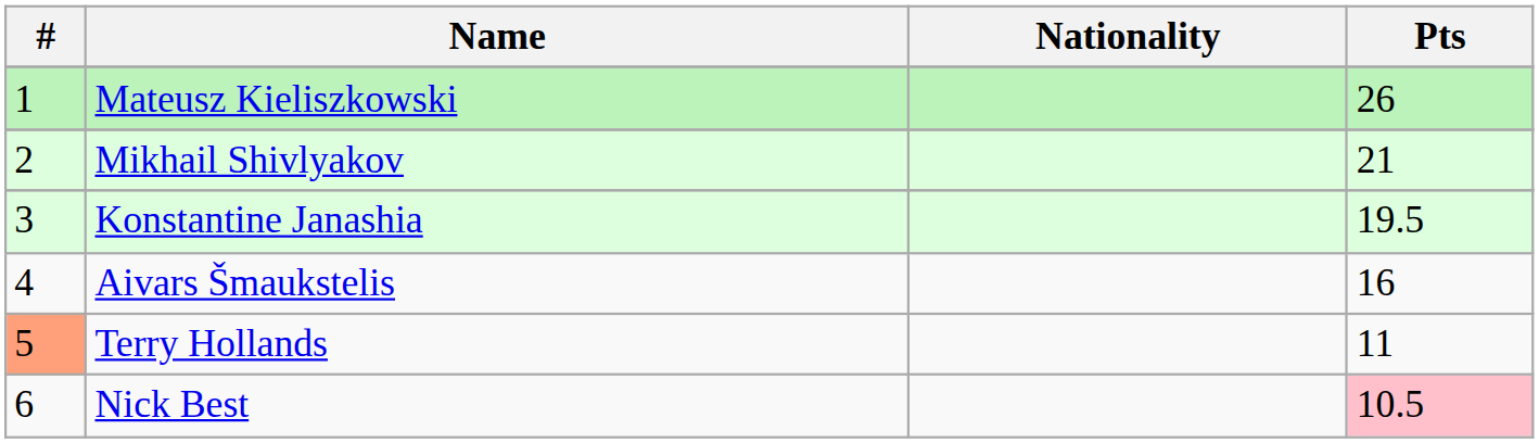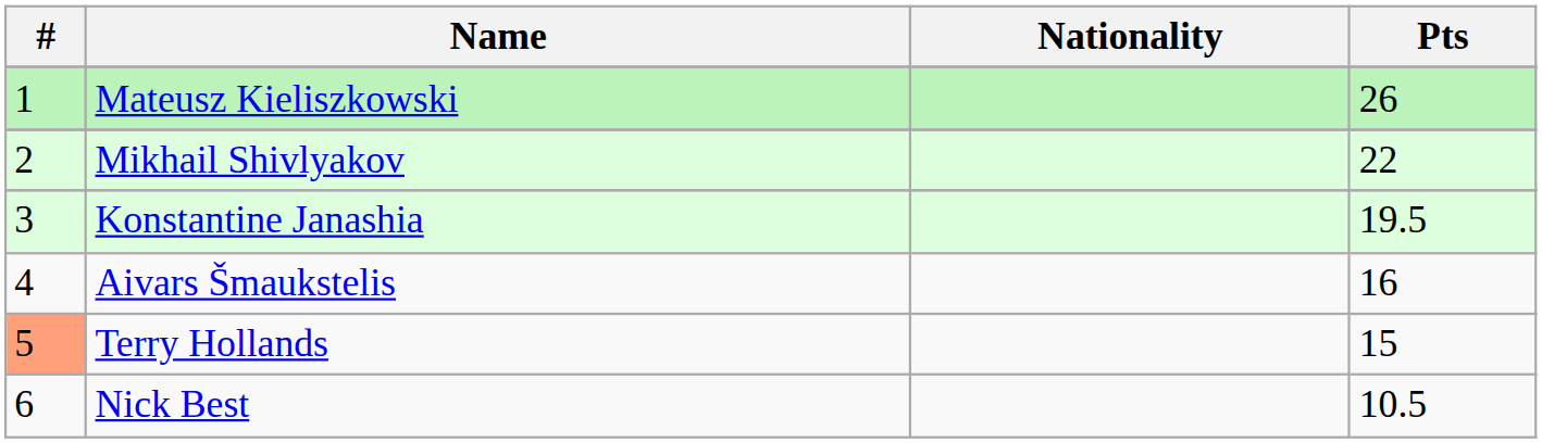 <table class="wikitable" style="display: inline-table;width: 50%;">
 <tr>
 <th>#</th>
 <th>Name</th>
 <th>Nationality</th>
 <th>Pts</th>
 </tr>
 <tr>
 </tr>
 <tr bgcolor=bbf3bb>
 <td>1</td>
 <td><a href='#'>Mateusz Kieliszkowski</a></td>
 <td></td>
 <td>26</td>
 </tr>
 <tr>
 </tr>
 <tr bgcolor=ddffdd>
 <td>2</td>
 <td><a href='#'>Mikhail Shivlyakov</a></td>
 <td></td>
-<td>21</td>
+<td>22</td>
 </tr>
 <tr>
 </tr>
 <tr bgcolor=ddffdd>
 <td>3</td>
 <td><a href='#'>Konstantine Janashia</a></td>
 <td></td>
 <td>19.5</td>
 </tr>
 <tr>
 <td>4</td>
 <td><a href='#'>Aivars Šmaukstelis</a></td>
 <td></td>
 <td>16</td>
 </tr>
 <tr>
 <td style="background: lightsalmon;">5</td>
 <td><a href='#'>Terry Hollands</a></td>
 <td></td>
-<td>11</td>
+<td>15</td>
 </tr>
 <tr>
 <td>6</td>
 <td><a href='#'>Nick Best</a></td>
 <td></td>
-<td style="background: pink;">10.5</td>
+<td>10.5</td>
 </tr>
 </table>
